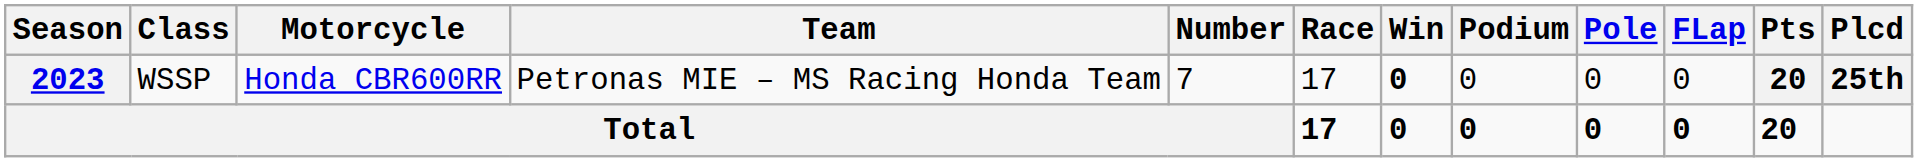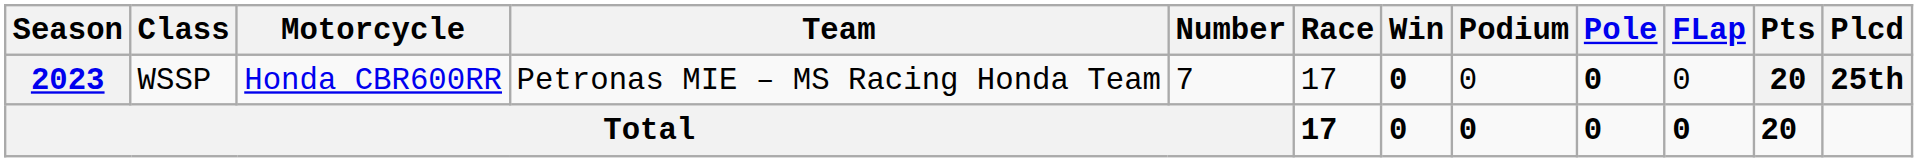 <table class="wikitable">
 <tr>
 <th>Season</th>
 <th>Class</th>
 <th>Motorcycle</th>
 <th>Team</th>
 <th>Number</th>
 <th>Race</th>
 <th>Win</th>
 <th>Podium</th>
 <th><a href='#'>Pole</a></th>
 <th><a href='#'>FLap</a></th>
 <th>Pts</th>
 <th>Plcd</th>
 </tr>
 <tr>
 <th><a href='#'>2023</a></th>
 <td>WSSP</td>
 <td><a href='#'>Honda CBR600RR</a></td>
 <td>Petronas MIE – MS Racing Honda Team</td>
 <td>7</td>
 <td>17</td>
 <td><strong>0</strong></td>
 <td>0</td>
-<td>0</td>
+<td><strong>0</strong></td>
 <td>0</td>
 <th>20</th>
 <th>25th</th>
 </tr>
 <tr>
 <th colspan=5>Total</th>
 <td><strong>17</strong></td>
 <td><strong>0</strong></td>
 <td><strong>0</strong></td>
 <td><strong>0</strong></td>
 <td><strong>0</strong></td>
 <td><strong>20</strong></td>
 <td></td>
 </tr>
 </table>
